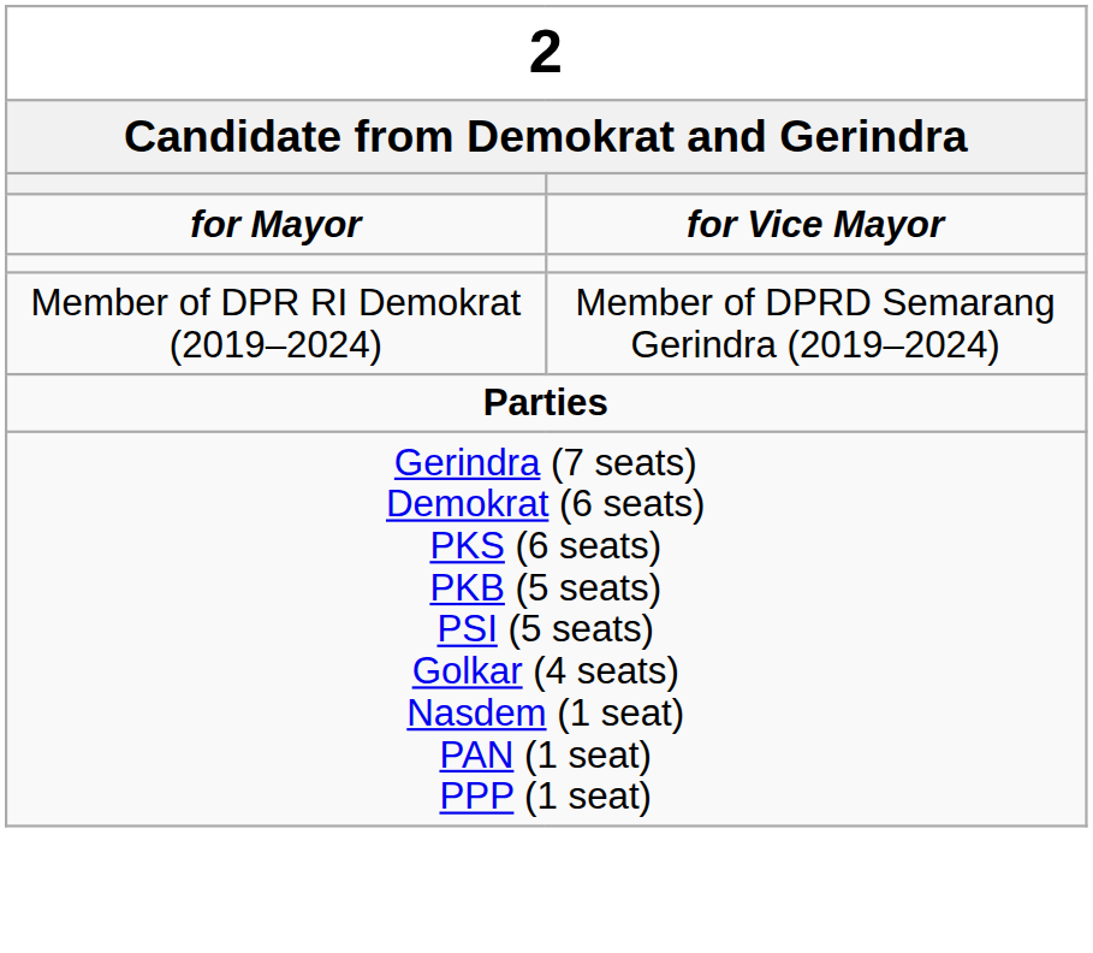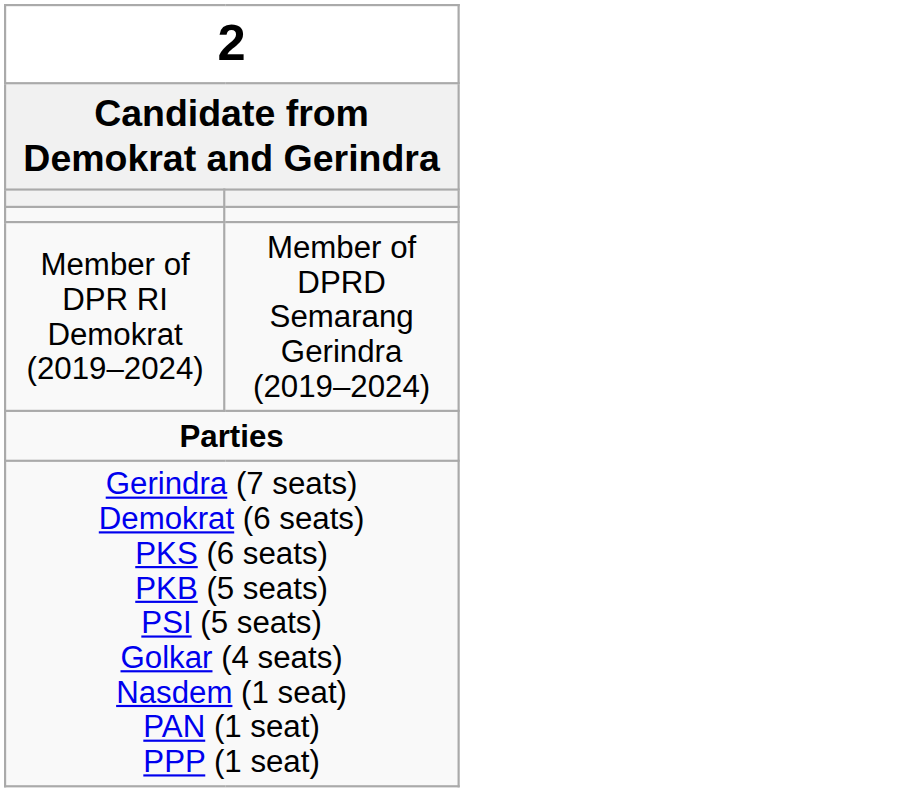 <table class="wikitable" style="font-size:90%; text-align:center;">
 <tr>
 <th colspan="2" style="width:3em; font-size:135%; background:#FFFFFF; width:200px;"><big>2</big></th>
 </tr>
 <tr>
 <td colspan=2 style="background:#f1f1f1;"><strong><big>Candidate from Demokrat and Gerindra</big></strong></td>
 </tr>
 <tr>
 <th style="width:3em; font-size:135%; background:#"><a href='#'></a></th>
 <th style="width:3em; font-size:135%; background:#"><a href='#'></a></th>
-</tr>
-<tr style="color:#000; font-size:100%; background:#">
-<td style="width:3em; width:200px;"><strong><em>for Mayor</em></strong></td>
-<td style="width:3em; width:200px;"><strong><em>for Vice Mayor</em></strong></td>
 </tr>
 <tr>
 <td></td>
 <td></td>
 </tr>
 <tr>
 <td>Member of DPR RI Demokrat (2019–2024)</td>
 <td>Member of DPRD Semarang Gerindra (2019–2024)</td>
 </tr>
 <tr>
 <td colspan=2 style="background:#"><strong>Parties</strong></td>
 </tr>
 <tr>
 <td colspan=2> <a href='#'>Gerindra</a> (7 seats)<br><a href='#'>Demokrat</a> (6 seats)<br><a href='#'>PKS</a> (6 seats)<br><a href='#'>PKB</a> (5 seats)<br><a href='#'>PSI</a> (5 seats)<br><a href='#'>Golkar</a> (4 seats)<br><a href='#'>Nasdem</a> (1 seat)<br><a href='#'>PAN</a> (1 seat)<br><a href='#'>PPP</a> (1 seat)</td>
 </tr>
 </table>
